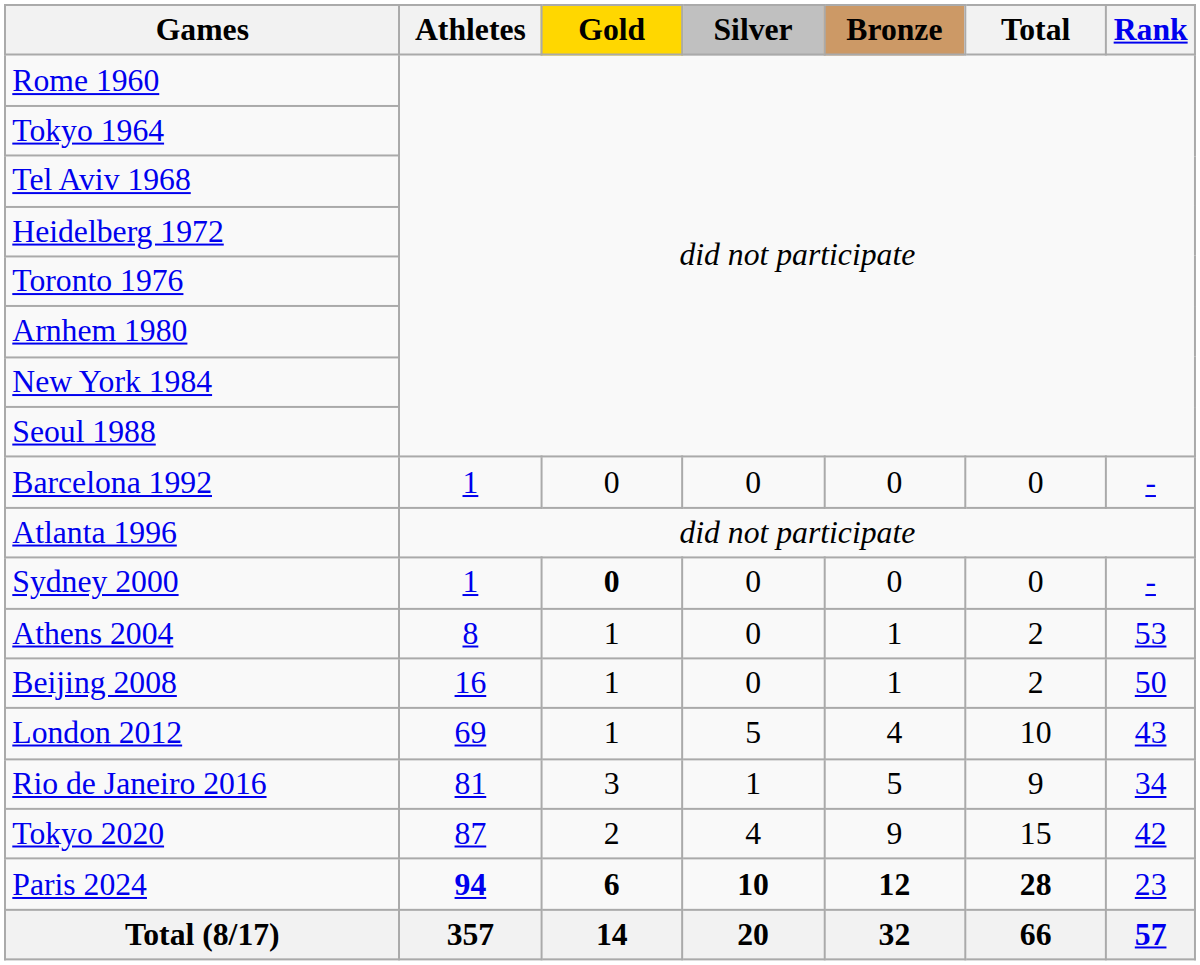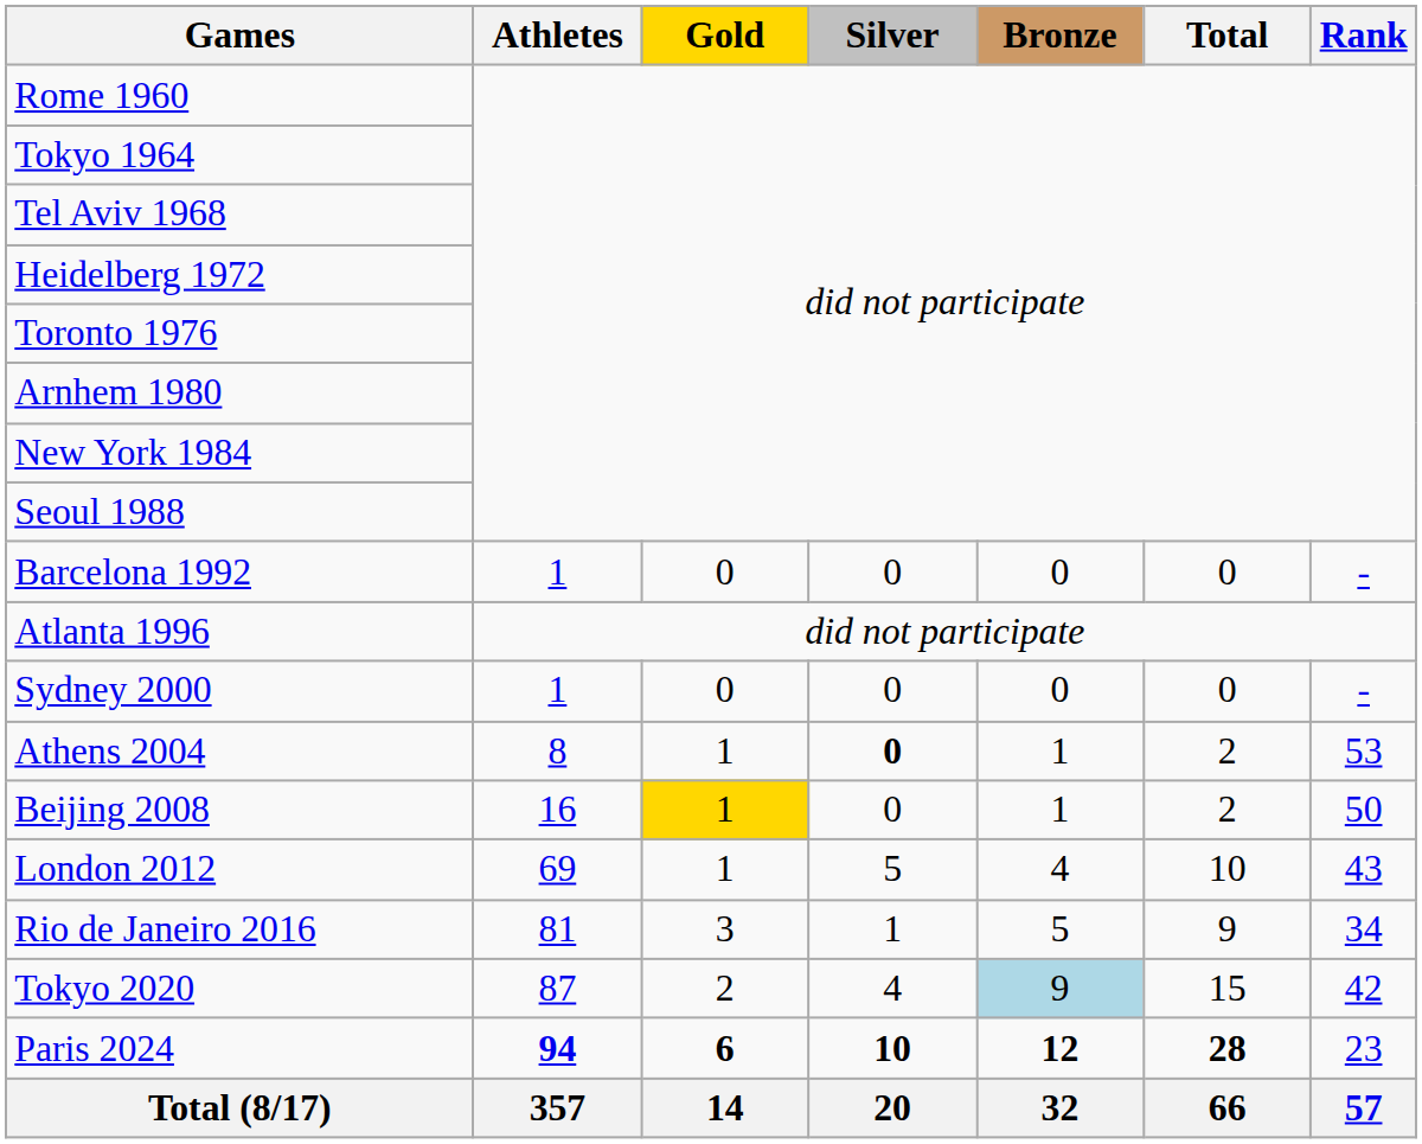 <table class="wikitable" style="text-align:center; font-size:100%;">
 <tr>
 <th style="width:12em;">Games</th>
 <th style="width:4em;">Athletes</th>
 <th style="width:4em; background:gold;">Gold</th>
 <th style="width:4em; background:silver;">Silver</th>
 <th style="width:4em; background:#cc9966;">Bronze</th>
 <th style="width:4em;">Total</th>
 <th style="width:2em;"><a href='#'>Rank</a></th>
 </tr>
 <tr>
 <td align=left> <a href='#'>Rome 1960</a></td>
 <td colspan=6 rowspan=8><em>did not participate</em></td>
 </tr>
 <tr>
 <td align=left> <a href='#'>Tokyo 1964</a></td>
 </tr>
 <tr>
 <td align=left> <a href='#'>Tel Aviv 1968</a></td>
 </tr>
 <tr>
 <td align=left> <a href='#'>Heidelberg 1972</a></td>
 </tr>
 <tr>
 <td align=left> <a href='#'>Toronto 1976</a></td>
 </tr>
 <tr>
 <td align=left> <a href='#'>Arnhem 1980</a></td>
 </tr>
 <tr>
 <td align=left> <a href='#'>New York 1984</a></td>
 </tr>
 <tr>
 <td align=left> <a href='#'>Seoul 1988</a></td>
 </tr>
 <tr>
 <td align=left> <a href='#'>Barcelona 1992</a></td>
 <td><a href='#'>1</a></td>
 <td>0</td>
 <td>0</td>
 <td>0</td>
 <td>0</td>
 <td><a href='#'>-</a></td>
 </tr>
 <tr>
 <td align=left> <a href='#'>Atlanta 1996</a></td>
 <td colspan=6><em>did not participate</em></td>
 </tr>
 <tr>
 <td align=left> <a href='#'>Sydney 2000</a></td>
 <td><a href='#'>1</a></td>
-<td><strong>0</strong></td>
+<td>0</td>
 <td>0</td>
 <td>0</td>
 <td>0</td>
 <td><a href='#'>-</a></td>
 </tr>
 <tr>
 <td align=left> <a href='#'>Athens 2004</a></td>
 <td><a href='#'>8</a></td>
 <td>1</td>
-<td>0</td>
+<td><strong>0</strong></td>
 <td>1</td>
 <td>2</td>
 <td><a href='#'>53</a></td>
 </tr>
 <tr>
 <td align=left> <a href='#'>Beijing 2008</a></td>
 <td><a href='#'>16</a></td>
-<td>1</td>
+<td style="background: gold;">1</td>
 <td>0</td>
 <td>1</td>
 <td>2</td>
 <td><a href='#'>50</a></td>
 </tr>
 <tr>
 <td align=left> <a href='#'>London 2012</a></td>
 <td><a href='#'>69</a></td>
 <td>1</td>
 <td>5</td>
 <td>4</td>
 <td>10</td>
 <td><a href='#'>43</a></td>
 </tr>
 <tr>
 <td align=left> <a href='#'>Rio de Janeiro 2016</a></td>
 <td><a href='#'>81</a></td>
 <td>3</td>
 <td>1</td>
 <td>5</td>
 <td>9</td>
 <td><a href='#'>34</a></td>
 </tr>
 <tr>
 <td align=left> <a href='#'>Tokyo 2020</a></td>
 <td><a href='#'>87</a></td>
 <td>2</td>
 <td>4</td>
-<td>9</td>
+<td style="background: lightblue;">9</td>
 <td>15</td>
 <td><a href='#'>42</a></td>
 </tr>
 <tr>
 <td align=left> <a href='#'>Paris 2024</a></td>
 <td><a href='#'><strong>94</strong></a></td>
 <td><strong>6</strong></td>
 <td><strong>10</strong></td>
 <td><strong>12</strong></td>
 <td><strong>28</strong></td>
 <td><a href='#'>23</a></td>
 </tr>
 <tr>
 <th colspan=1>Total (8/17)</th>
 <th>357</th>
 <th>14</th>
 <th>20</th>
 <th>32</th>
 <th>66</th>
 <th><a href='#'>57</a></th>
 </tr>
 </table>
